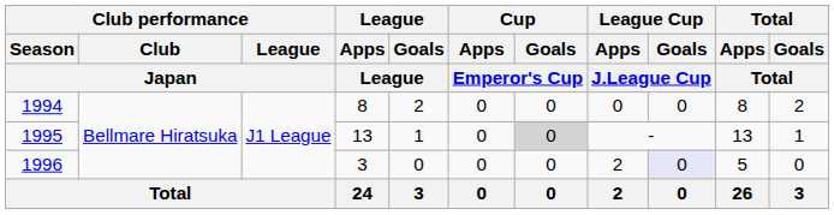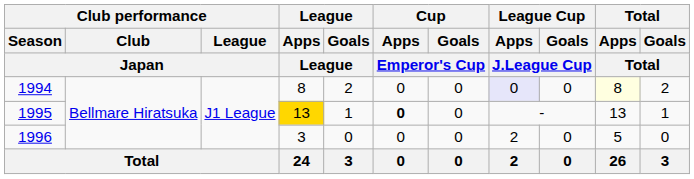 <table class="wikitable" style="text-align:center;">
 <tr>
 <th colspan=3>Club performance</th>
 <th colspan=2>League</th>
 <th colspan=2>Cup</th>
 <th colspan=2>League Cup</th>
 <th colspan=2>Total</th>
 </tr>
 <tr>
 <th>Season</th>
 <th>Club</th>
 <th>League</th>
 <th>Apps</th>
 <th>Goals</th>
 <th>Apps</th>
 <th>Goals</th>
 <th>Apps</th>
 <th>Goals</th>
 <th>Apps</th>
 <th>Goals</th>
 </tr>
 <tr>
 <th colspan=3>Japan</th>
 <th colspan=2>League</th>
 <th colspan=2><a href='#'>Emperor's Cup</a></th>
 <th colspan=2><a href='#'>J.League Cup</a></th>
 <th colspan=2>Total</th>
 </tr>
 <tr>
 <td><a href='#'>1994</a></td>
 <td rowspan="3"><a href='#'>Bellmare Hiratsuka</a></td>
 <td rowspan="3"><a href='#'>J1 League</a></td>
 <td>8</td>
 <td>2</td>
 <td>0</td>
 <td>0</td>
+<td style="background: lavender;">0</td>
 <td>0</td>
-<td>0</td>
-<td>8</td>
+<td style="background: lightyellow;">8</td>
 <td>2</td>
 </tr>
 <tr>
 <td><a href='#'>1995</a></td>
-<td>13</td>
+<td style="background: gold;">13</td>
 <td>1</td>
+<td><strong>0</strong></td>
 <td>0</td>
-<td style="background: lightgrey;">0</td>
 <td colspan="2">-</td>
 <td>13</td>
 <td>1</td>
 </tr>
 <tr>
 <td><a href='#'>1996</a></td>
 <td>3</td>
 <td>0</td>
 <td>0</td>
 <td>0</td>
 <td>2</td>
-<td style="background: lavender;">0</td>
+<td>0</td>
 <td>5</td>
 <td>0</td>
 </tr>
 <tr>
 <th colspan=3>Total</th>
 <th>24</th>
 <th>3</th>
 <th>0</th>
 <th>0</th>
 <th>2</th>
 <th>0</th>
 <th>26</th>
 <th>3</th>
 </tr>
 </table>
